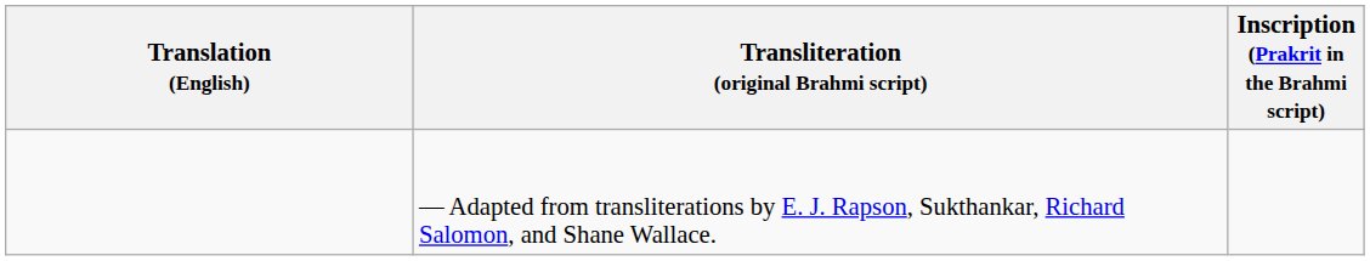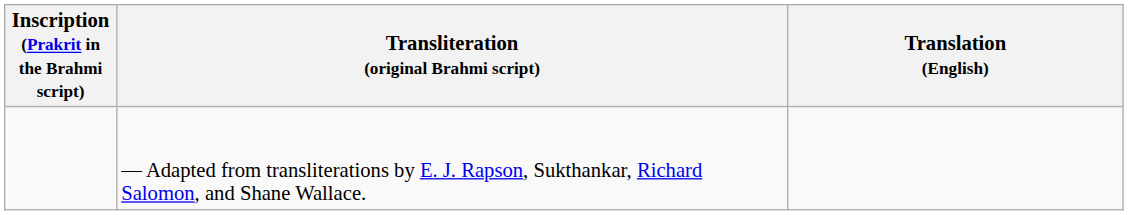 <table class="wikitable">
 <tr>
+<th>Inscription<br><small>(<a href='#'>Prakrit</a> in the Brahmi script)</small></th>
+<th>Transliteration<br><small>(original Brahmi script)</small></th>
 <th>Translation<br><small>(English)</small></th>
-<th>Transliteration<br><small>(original Brahmi script)</small></th>
-<th>Inscription<br><small>(<a href='#'>Prakrit</a> in the Brahmi script)</small></th>
 </tr>
 <tr>
+<td style="text-align:center" width="10%"><br></td>
+<td style="text-align:left"><br><br>— Adapted from transliterations by <a href='#'>E. J. Rapson</a>, Sukthankar, <a href='#'>Richard Salomon</a>, and Shane Wallace.</td>
 <td width="30%"><br><br></td>
-<td style="text-align:left"><br><br>— Adapted from transliterations by <a href='#'>E. J. Rapson</a>, Sukthankar, <a href='#'>Richard Salomon</a>, and Shane Wallace.</td>
-<td style="text-align:center" width="10%"><br></td>
 </tr>
 </table>
